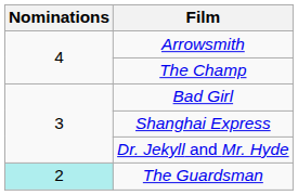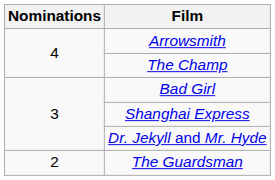 <table class="wikitable plainrowheaders" style="text-align: center; margin-right:1em;">
 <tr>
 <th scope="col" style="width:55px;">Nominations</th>
 <th scope="col" style="text-align:center;">Film</th>
 </tr>
 <tr>
 <td scope="row" rowspan="2" style="text-align:center">4</td>
 <td><em><a href='#'>Arrowsmith</a></em></td>
 </tr>
 <tr>
 <td><em><a href='#'>The Champ</a></em></td>
 </tr>
 <tr>
 <td scope="row" rowspan="3" style="text-align:center">3</td>
 <td><em><a href='#'>Bad Girl</a></em></td>
 </tr>
 <tr>
 <td><em><a href='#'>Shanghai Express</a></em></td>
 </tr>
 <tr>
 <td><em><a href='#'>Dr. Jekyll</em> and <em>Mr. Hyde</a></em></td>
 </tr>
 <tr>
-<td style="background: paleturquoise;">2</td>
+<td>2</td>
 <td><em><a href='#'>The Guardsman</a></em></td>
 </tr>
 </table>
